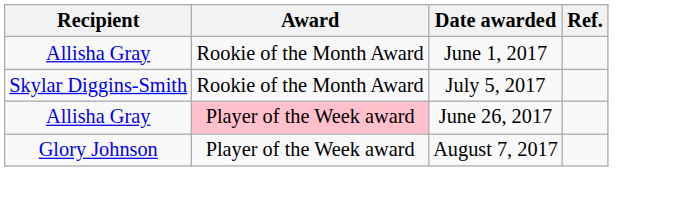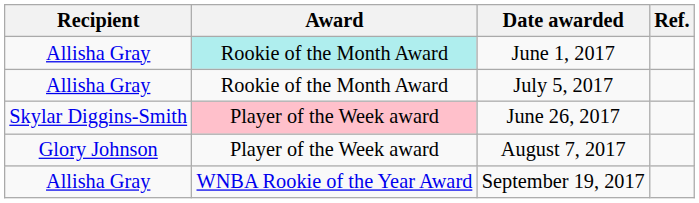 <table class="wikitable sortable sortable" style="text-align: center">
 <tr>
 <th>Recipient</th>
 <th>Award</th>
 <th>Date awarded</th>
 <th>Ref.</th>
 </tr>
 <tr>
 <td><a href='#'>Allisha Gray</a></td>
-<td>Rookie of the Month Award</td>
+<td style="background: paleturquoise;">Rookie of the Month Award</td>
 <td>June 1, 2017</td>
 <td></td>
 </tr>
 <tr>
-<td><a href='#'>Skylar Diggins-Smith</a></td>
+<td><a href='#'>Allisha Gray</a></td>
 <td>Rookie of the Month Award</td>
 <td>July 5, 2017</td>
 <td></td>
 </tr>
 <tr>
-<td><a href='#'>Allisha Gray</a></td>
+<td><a href='#'>Skylar Diggins-Smith</a></td>
 <td style="background: pink;">Player of the Week award</td>
 <td>June 26, 2017</td>
 <td></td>
 </tr>
 <tr>
 <td><a href='#'>Glory Johnson</a></td>
 <td>Player of the Week award</td>
 <td>August 7, 2017</td>
 <td></td>
 </tr>
+<tr>
+<td><a href='#'>Allisha Gray</a></td>
+<td><a href='#'>WNBA Rookie of the Year Award</a></td>
+<td>September 19, 2017</td>
+<td></td>
+</tr>
 </table>
